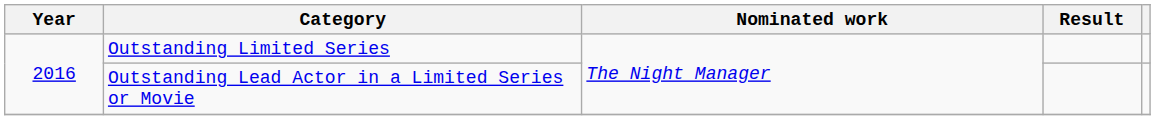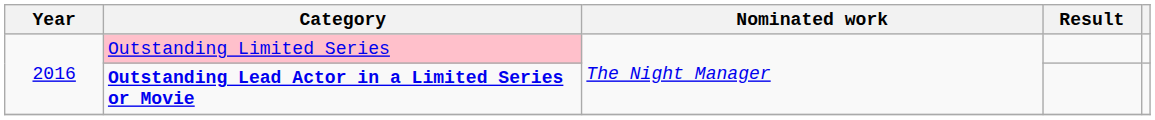 <table class=wikitable>
 <tr>
 <th scope="col" style="width:5em;">Year</th>
 <th scope="col" style="width:26em;">Category</th>
 <th scope="col" style="width:25em;">Nominated work</th>
 <th scope="col" style="width:5em;">Result</th>
 <th></th>
 </tr>
 <tr>
 <td style="text-align:center;", scope="row", rowspan=2><a href='#'>2016</a></td>
-<td><a href='#'>Outstanding Limited Series</a></td>
+<td style="background: pink;"><a href='#'>Outstanding Limited Series</a></td>
 <td rowspan=2><em><a href='#'>The Night Manager</a></em></td>
 <td></td>
 <td></td>
 </tr>
 <tr>
-<td><a href='#'>Outstanding Lead Actor in a Limited Series or Movie</a></td>
+<td><strong><a href='#'>Outstanding Lead Actor in a Limited Series or Movie</a></strong></td>
 <td></td>
 <td></td>
 </tr>
 <tr>
 </tr>
 </table>
